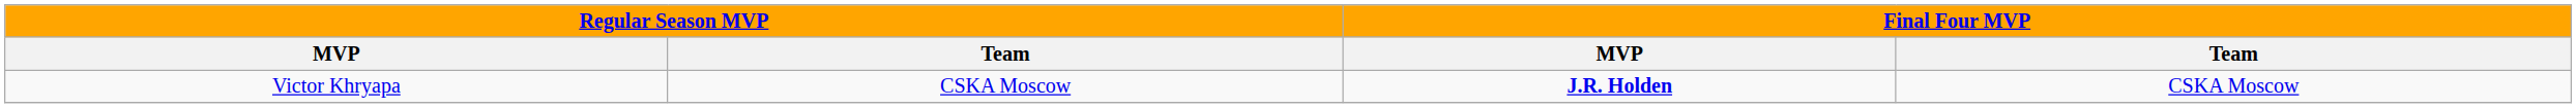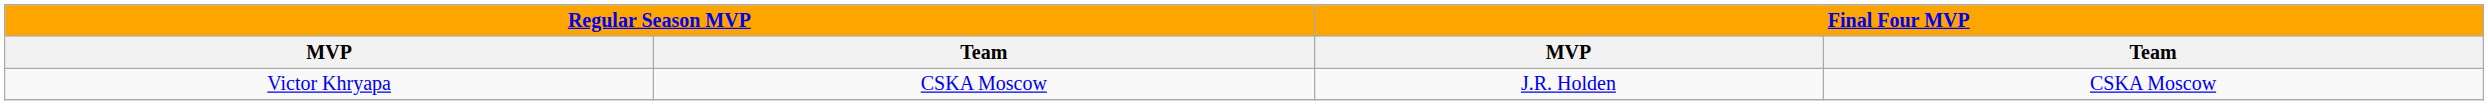 <table class="wikitable" style="text-align: center; width: 100%;">
 <tr>
 <td colspan=2 bgcolor="#FFA500"><strong><a href='#'>Regular Season MVP</a></strong></td>
 <td colspan=2 bgcolor="#FFA500"><strong><a href='#'>Final Four MVP</a></strong></td>
 </tr>
 <tr>
 <th>MVP</th>
 <th>Team</th>
 <th>MVP</th>
 <th>Team</th>
 </tr>
 <tr>
 <td> <a href='#'>Victor Khryapa</a></td>
 <td> <a href='#'>CSKA Moscow</a></td>
-<td><strong> <a href='#'>J.R. Holden</a></strong></td>
+<td> <a href='#'>J.R. Holden</a></td>
 <td> <a href='#'>CSKA Moscow</a></td>
 </tr>
 <tr>
 </tr>
 </table>
